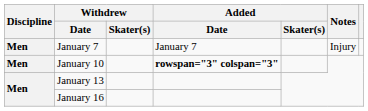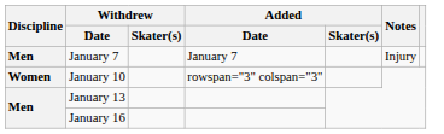 <table class="wikitable unsortable">
 <tr>
 <th scope="col" rowspan=2>Discipline</th>
 <th scope="col" colspan=2>Withdrew</th>
 <th scope="col" colspan=2>Added</th>
 <th scope="col" rowspan=2>Notes</th>
 <th scope="col" rowspan=2></th>
 </tr>
 <tr>
 <th>Date</th>
 <th>Skater(s)</th>
 <th>Date</th>
 <th>Skater(s)</th>
 </tr>
 <tr>
 <th scope="row" style="text-align:left">Men</th>
 <td>January 7</td>
 <td></td>
 <td>January 7</td>
 <td></td>
 <td>Injury</td>
 <td></td>
 </tr>
 <tr>
-<th scope="row" style="text-align:left">Men</th>
+<th scope="row" style="text-align:left">Women</th>
 <td>January 10</td>
 <td></td>
-<td><strong>rowspan="3" colspan="3" </strong></td>
+<td>rowspan="3" colspan="3" </td>
 <td></td>
 </tr>
 <tr>
 <th scope="row" style="text-align:left" rowspan="2">Men</th>
 <td>January 13</td>
 <td></td>
 <td></td>
 </tr>
 <tr>
 <td>January 16</td>
 <td></td>
 <td></td>
 </tr>
 </table>
